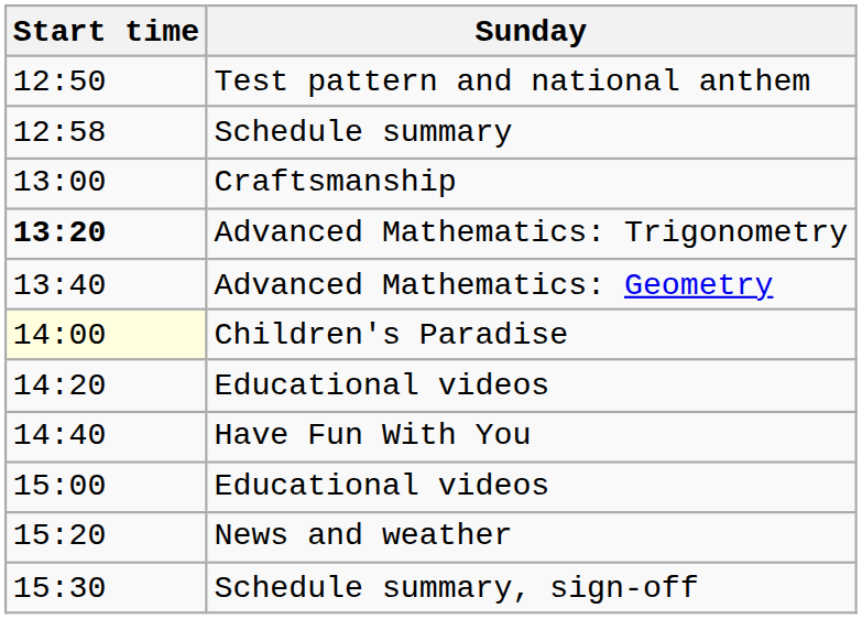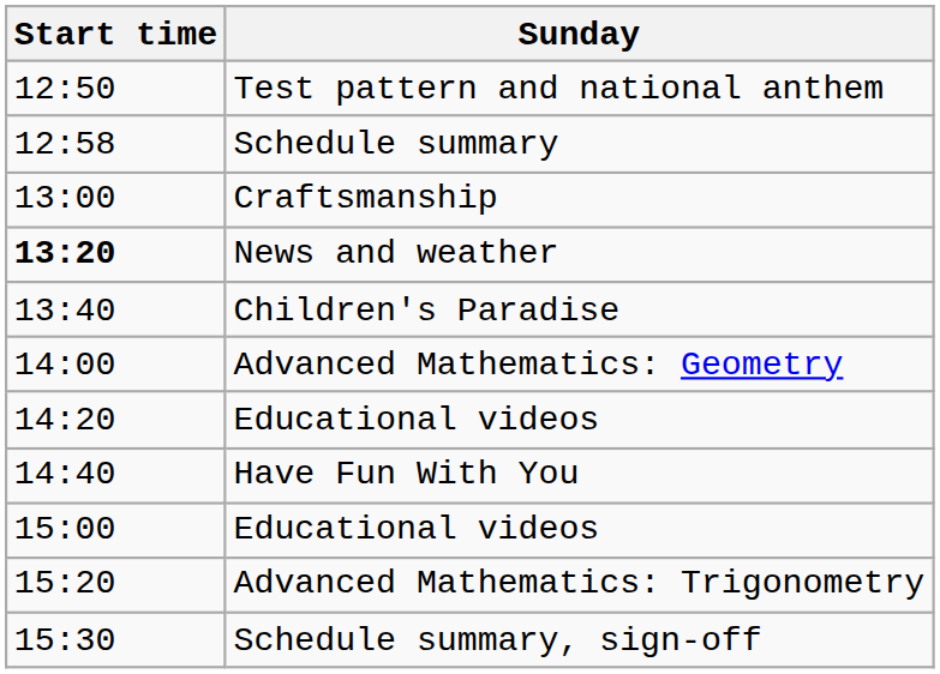 <table class="wikitable">
 <tr>
 <th>Start time</th>
 <th>Sunday</th>
 </tr>
 <tr>
 <td>12:50</td>
 <td>Test pattern and national anthem</td>
 </tr>
 <tr>
 <td>12:58</td>
 <td>Schedule summary</td>
 </tr>
 <tr>
 <td>13:00</td>
 <td>Craftsmanship</td>
 </tr>
 <tr>
 <td><strong>13:20</strong></td>
-<td>Advanced Mathematics: Trigonometry</td>
+<td>News and weather</td>
 </tr>
 <tr>
 <td>13:40</td>
-<td>Advanced Mathematics: <a href='#'>Geometry</a></td>
+<td>Children's Paradise</td>
 </tr>
 <tr>
-<td style="background: lightyellow;">14:00</td>
-<td>Children's Paradise</td>
+<td>14:00</td>
+<td>Advanced Mathematics: <a href='#'>Geometry</a></td>
 </tr>
 <tr>
 <td>14:20</td>
 <td>Educational videos</td>
 </tr>
 <tr>
 <td>14:40</td>
 <td>Have Fun With You</td>
 </tr>
 <tr>
 <td>15:00</td>
 <td>Educational videos</td>
 </tr>
 <tr>
 <td>15:20</td>
-<td>News and weather</td>
+<td>Advanced Mathematics: Trigonometry</td>
 </tr>
 <tr>
 <td>15:30</td>
 <td>Schedule summary, sign-off</td>
 </tr>
 </table>
